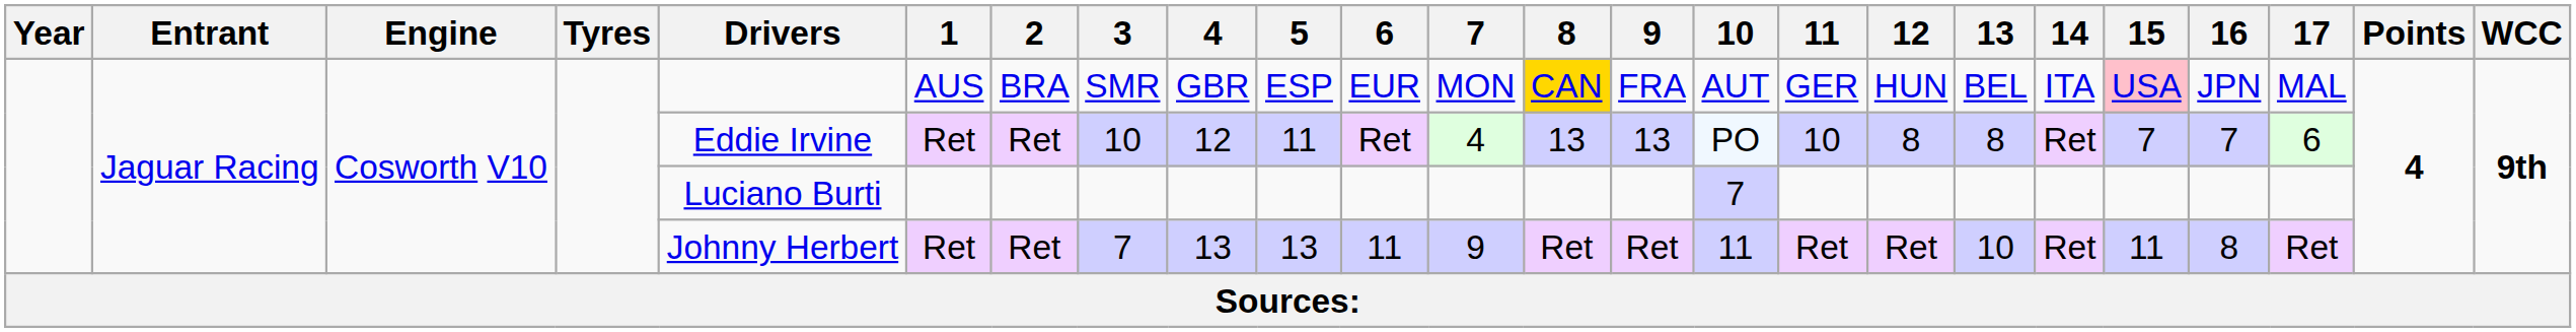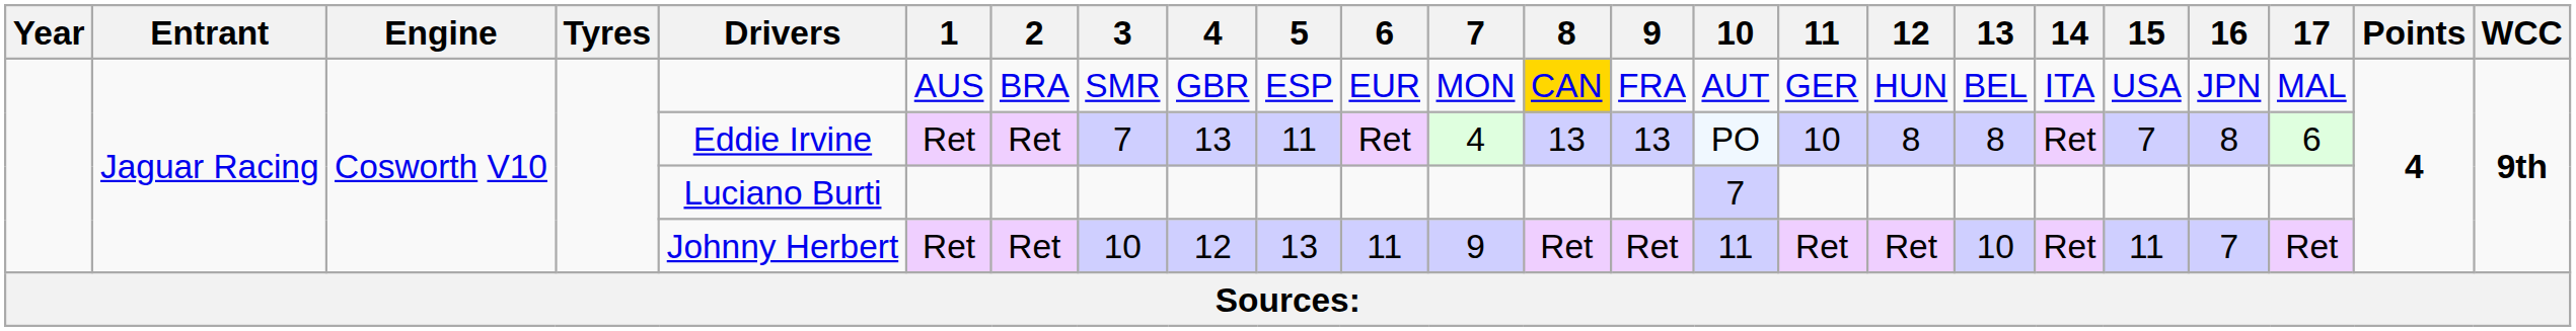 <table class="wikitable" style="text-align:center; font-size:95%">
 <tr>
 <th>Year</th>
 <th>Entrant</th>
 <th>Engine</th>
 <th>Tyres</th>
 <th>Drivers</th>
 <th>1</th>
 <th>2</th>
 <th>3</th>
 <th>4</th>
 <th>5</th>
 <th>6</th>
 <th>7</th>
 <th>8</th>
 <th>9</th>
 <th>10</th>
 <th>11</th>
 <th>12</th>
 <th>13</th>
 <th>14</th>
 <th>15</th>
 <th>16</th>
 <th>17</th>
 <th>Points</th>
 <th>WCC</th>
 </tr>
 <tr>
 <td rowspan="4"></td>
 <td rowspan="4"><a href='#'>Jaguar Racing</a></td>
 <td rowspan="4"><a href='#'>Cosworth</a> <a href='#'>V10</a></td>
 <td rowspan="4"></td>
 <td></td>
 <td><a href='#'>AUS</a></td>
 <td><a href='#'>BRA</a></td>
 <td><a href='#'>SMR</a></td>
 <td><a href='#'>GBR</a></td>
 <td><a href='#'>ESP</a></td>
 <td><a href='#'>EUR</a></td>
 <td><a href='#'>MON</a></td>
 <td style="background: gold;"><a href='#'>CAN</a></td>
 <td><a href='#'>FRA</a></td>
 <td><a href='#'>AUT</a></td>
 <td><a href='#'>GER</a></td>
 <td><a href='#'>HUN</a></td>
 <td><a href='#'>BEL</a></td>
 <td><a href='#'>ITA</a></td>
-<td style="background: pink;"><a href='#'>USA</a></td>
+<td><a href='#'>USA</a></td>
 <td><a href='#'>JPN</a></td>
 <td><a href='#'>MAL</a></td>
 <td rowspan="4"><strong>4</strong></td>
 <td rowspan="4"><strong>9th</strong></td>
 </tr>
 <tr>
 <td> <a href='#'>Eddie Irvine</a></td>
 <td style="background:#EFCFFF;">Ret</td>
 <td style="background:#EFCFFF;">Ret</td>
-<td style="background:#CFCFFF;">10</td>
-<td style="background:#CFCFFF;">12</td>
+<td style="background:#CFCFFF;">7</td>
+<td style="background:#CFCFFF;">13</td>
 <td style="background:#CFCFFF;">11</td>
 <td style="background:#EFCFFF;">Ret</td>
 <td style="background:#DFFFDF;">4</td>
 <td style="background:#CFCFFF;">13</td>
 <td style="background:#CFCFFF;">13</td>
 <td style="background:#F0F8FF;">PO</td>
 <td style="background:#CFCFFF;">10</td>
 <td style="background:#CFCFFF;">8</td>
 <td style="background:#CFCFFF;">8</td>
 <td style="background:#EFCFFF;">Ret</td>
 <td style="background:#CFCFFF;">7</td>
-<td style="background:#CFCFFF;">7</td>
+<td style="background:#CFCFFF;">8</td>
 <td style="background:#DFFFDF;">6</td>
 </tr>
 <tr>
 <td> <a href='#'>Luciano Burti</a></td>
 <td></td>
 <td></td>
 <td></td>
 <td></td>
 <td></td>
 <td></td>
 <td></td>
 <td></td>
 <td></td>
 <td style="background:#CFCFFF;">7</td>
 <td></td>
 <td></td>
 <td></td>
 <td></td>
 <td></td>
 <td></td>
 <td></td>
 </tr>
 <tr>
 <td> <a href='#'>Johnny Herbert</a></td>
 <td style="background:#EFCFFF;">Ret</td>
 <td style="background:#EFCFFF;">Ret</td>
-<td style="background:#CFCFFF;">7</td>
-<td style="background:#CFCFFF;">13</td>
+<td style="background:#CFCFFF;">10</td>
+<td style="background:#CFCFFF;">12</td>
 <td style="background:#CFCFFF;">13</td>
 <td style="background:#CFCFFF;">11</td>
 <td style="background:#CFCFFF;">9</td>
 <td style="background:#EFCFFF;">Ret</td>
 <td style="background:#EFCFFF;">Ret</td>
 <td style="background:#CFCFFF;">11</td>
 <td style="background:#EFCFFF;">Ret</td>
 <td style="background:#EFCFFF;">Ret</td>
 <td style="background:#CFCFFF;">10</td>
 <td style="background:#EFCFFF;">Ret</td>
 <td style="background:#CFCFFF;">11</td>
-<td style="background:#CFCFFF;">8</td>
+<td style="background:#CFCFFF;">7</td>
 <td style="background:#EFCFFF;">Ret</td>
 </tr>
 <tr>
 <th colspan="24">Sources:</th>
 </tr>
 </table>
